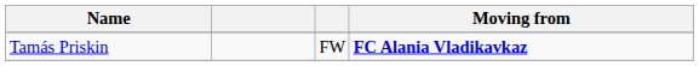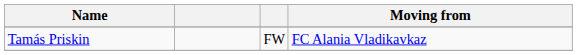 <table class="wikitable" style="text-align: center; width:50%">
 <tr>
 <th width=30% align="center">Name</th>
 <th width=15% align="center"></th>
 <th width=5% align="center"></th>
 <th width=50% align="center">Moving from</th>
 </tr>
 <tr>
 </tr>
 <tr>
 <td align=left><a href='#'>Tamás Priskin</a></td>
 <td> </td>
 <td>FW</td>
-<td align=left><strong> <a href='#'>FC Alania Vladikavkaz</a></strong></td>
+<td align=left> <a href='#'>FC Alania Vladikavkaz</a></td>
 </tr>
 <tr>
 </tr>
 </table>
